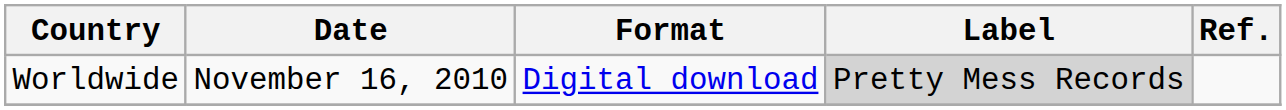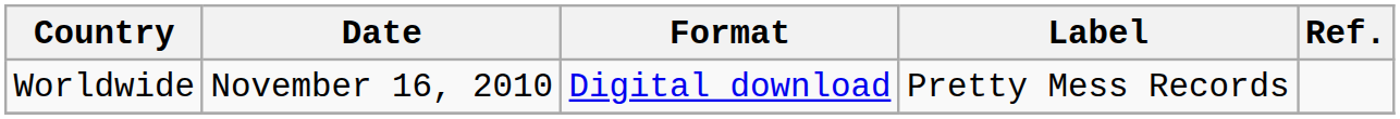 <table class="wikitable plainrowheaders">
 <tr>
 <th scope="col">Country</th>
 <th scope="col">Date</th>
 <th scope="col">Format</th>
 <th scope="col">Label</th>
 <th scope="col">Ref.</th>
 </tr>
 <tr>
 <td>Worldwide</td>
 <td>November 16, 2010</td>
 <td><a href='#'>Digital download</a></td>
-<td style="background: lightgrey;">Pretty Mess Records</td>
+<td>Pretty Mess Records</td>
 <td></td>
 </tr>
 <tr>
 </tr>
 </table>
